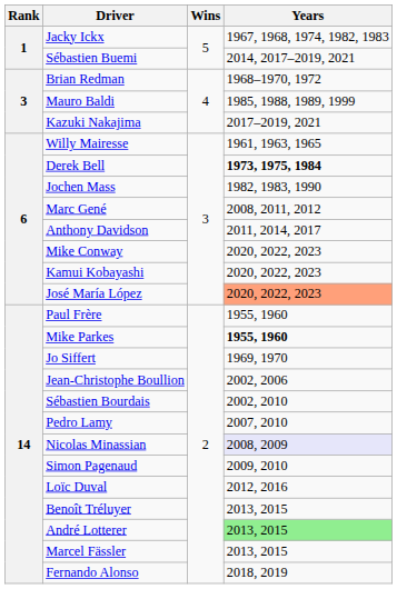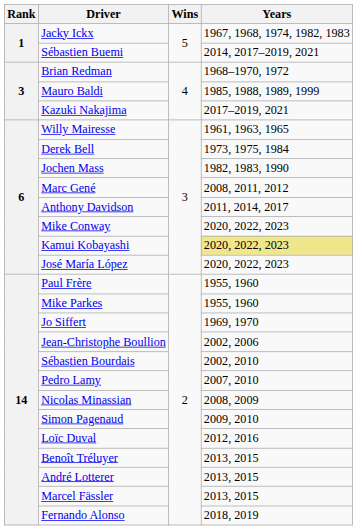 <table class=wikitable>
 <tr>
 <th>Rank</th>
 <th>Driver</th>
 <th>Wins</th>
 <th>Years</th>
 </tr>
 <tr>
 <th rowspan=2>1</th>
 <td> <a href='#'>Jacky Ickx</a></td>
 <td rowspan="2" style="text-align:center;">5</td>
 <td>1967, 1968, 1974, 1982, 1983</td>
 </tr>
 <tr>
 <td> <a href='#'>Sébastien Buemi</a></td>
 <td>2014, 2017–2019, 2021</td>
 </tr>
 <tr>
 <th rowspan=3>3</th>
 <td> <a href='#'>Brian Redman</a></td>
 <td rowspan="3" style="text-align:center;">4</td>
 <td>1968–1970, 1972</td>
 </tr>
 <tr>
 <td> <a href='#'>Mauro Baldi</a></td>
 <td>1985, 1988, 1989, 1999</td>
 </tr>
 <tr>
 <td> <a href='#'>Kazuki Nakajima</a></td>
 <td>2017–2019, 2021</td>
 </tr>
 <tr>
 <th rowspan=8>6</th>
 <td> <a href='#'>Willy Mairesse</a></td>
 <td rowspan="8" style="text-align:center;">3</td>
 <td>1961, 1963, 1965</td>
 </tr>
 <tr>
 <td> <a href='#'>Derek Bell</a></td>
-<td><strong>1973, 1975, 1984</strong></td>
+<td>1973, 1975, 1984</td>
 </tr>
 <tr>
 <td> <a href='#'>Jochen Mass</a></td>
 <td>1982, 1983, 1990</td>
 </tr>
 <tr>
 <td> <a href='#'>Marc Gené</a></td>
 <td>2008, 2011, 2012</td>
 </tr>
 <tr>
 <td> <a href='#'>Anthony Davidson</a></td>
 <td>2011, 2014, 2017</td>
 </tr>
 <tr>
 <td> <a href='#'>Mike Conway</a></td>
 <td>2020, 2022, 2023</td>
 </tr>
 <tr>
 <td> <a href='#'>Kamui Kobayashi</a></td>
-<td>2020, 2022, 2023</td>
+<td style="background: khaki;">2020, 2022, 2023</td>
 </tr>
 <tr>
 <td> <a href='#'>José María López</a></td>
-<td style="background: lightsalmon;">2020, 2022, 2023</td>
+<td>2020, 2022, 2023</td>
 </tr>
 <tr>
 <th rowspan=13>14</th>
 <td> <a href='#'>Paul Frère</a></td>
 <td rowspan="13" style="text-align:center;">2</td>
 <td>1955, 1960</td>
 </tr>
 <tr>
 <td> <a href='#'>Mike Parkes</a></td>
-<td><strong>1955, 1960</strong></td>
+<td>1955, 1960</td>
 </tr>
 <tr>
 <td> <a href='#'>Jo Siffert</a></td>
 <td>1969, 1970</td>
 </tr>
 <tr>
 <td> <a href='#'>Jean-Christophe Boullion</a></td>
 <td>2002, 2006</td>
 </tr>
 <tr>
 <td> <a href='#'>Sébastien Bourdais</a></td>
 <td>2002, 2010</td>
 </tr>
 <tr>
 <td> <a href='#'>Pedro Lamy</a></td>
 <td>2007, 2010</td>
 </tr>
 <tr>
 <td> <a href='#'>Nicolas Minassian</a></td>
-<td style="background: lavender;">2008, 2009</td>
+<td>2008, 2009</td>
 </tr>
 <tr>
 <td> <a href='#'>Simon Pagenaud</a></td>
 <td>2009, 2010</td>
 </tr>
 <tr>
 <td> <a href='#'>Loïc Duval</a></td>
 <td>2012, 2016</td>
 </tr>
 <tr>
 <td> <a href='#'>Benoît Tréluyer</a></td>
 <td>2013, 2015</td>
 </tr>
 <tr>
 <td> <a href='#'>André Lotterer</a></td>
-<td style="background: lightgreen;">2013, 2015</td>
+<td>2013, 2015</td>
 </tr>
 <tr>
 <td> <a href='#'>Marcel Fässler</a></td>
 <td>2013, 2015</td>
 </tr>
 <tr>
 <td> <a href='#'>Fernando Alonso</a></td>
 <td>2018, 2019</td>
 </tr>
 </table>
